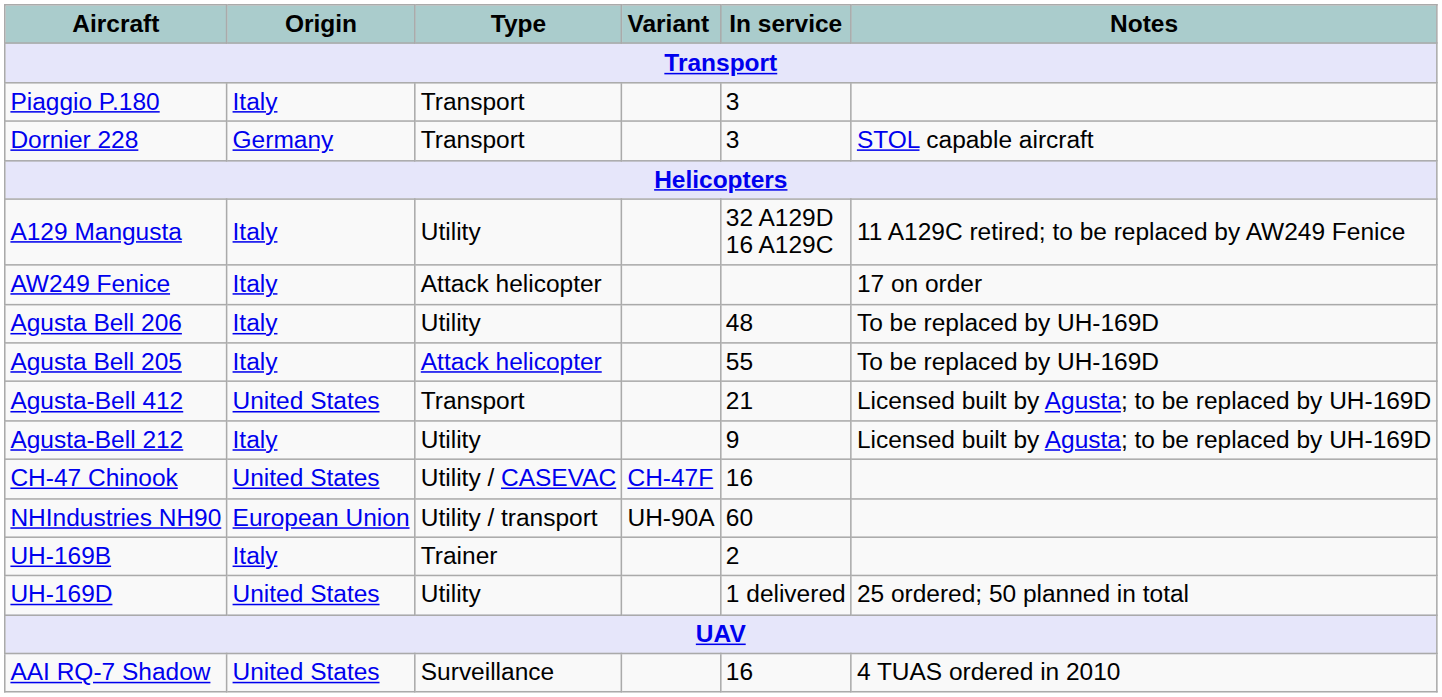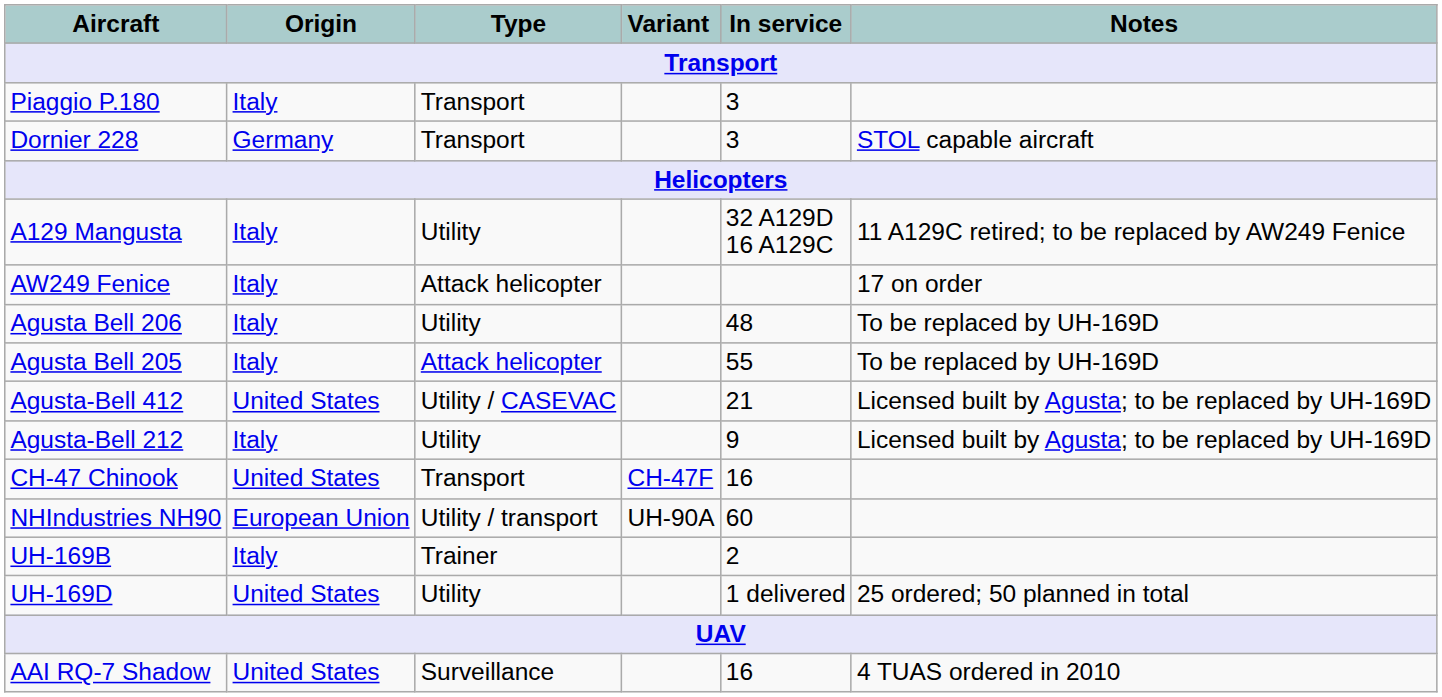 <table class="wikitable">
 <tr>
 <th style="text-align:center; background:#acc;">Aircraft</th>
 <th style="text-align: center; background:#acc;">Origin</th>
 <th style="text-align:l center; background:#acc;">Type</th>
 <th style="text-align:left; background:#acc;">Variant</th>
 <th style="text-align:center; background:#acc;">In service</th>
 <th style="text-align: center; background:#acc;">Notes</th>
 </tr>
 <tr>
 <th style="align: center; background: lavender;" colspan="6"><a href='#'>Transport</a></th>
 </tr>
 <tr>
 <td><a href='#'>Piaggio P.180</a></td>
 <td><a href='#'>Italy</a></td>
 <td>Transport</td>
 <td></td>
 <td>3</td>
 <td></td>
 </tr>
 <tr>
 <td><a href='#'>Dornier 228</a></td>
 <td><a href='#'>Germany</a></td>
 <td>Transport</td>
 <td></td>
 <td>3</td>
 <td><a href='#'>STOL</a> capable aircraft</td>
 </tr>
 <tr>
 <th style="align: center; background: lavender;" colspan="7"><a href='#'>Helicopters</a></th>
 </tr>
 <tr>
 <td><a href='#'>A129 Mangusta</a></td>
 <td><a href='#'>Italy</a></td>
 <td>Utility</td>
 <td></td>
 <td>32 A129D<br>16 A129C</td>
 <td>11 A129C retired; to be replaced by AW249 Fenice</td>
 </tr>
 <tr>
 <td><a href='#'>AW249 Fenice</a></td>
 <td><a href='#'>Italy</a></td>
 <td>Attack helicopter</td>
 <td></td>
 <td></td>
 <td>17 on order</td>
 </tr>
 <tr>
 <td><a href='#'>Agusta Bell 206</a></td>
 <td><a href='#'>Italy</a></td>
 <td>Utility</td>
 <td></td>
 <td>48</td>
 <td>To be replaced by UH-169D</td>
 </tr>
 <tr>
 <td><a href='#'>Agusta Bell 205</a></td>
 <td><a href='#'>Italy</a></td>
 <td><a href='#'>Attack helicopter</a></td>
 <td></td>
 <td>55</td>
 <td>To be replaced by UH-169D</td>
 </tr>
 <tr>
 <td><a href='#'>Agusta-Bell 412</a></td>
 <td><a href='#'>United States</a></td>
-<td>Transport</td>
+<td>Utility / <a href='#'>CASEVAC</a></td>
 <td></td>
 <td>21</td>
 <td>Licensed built by <a href='#'>Agusta</a>; to be replaced by UH-169D</td>
 </tr>
 <tr>
 <td><a href='#'>Agusta-Bell 212</a></td>
 <td><a href='#'>Italy</a></td>
 <td>Utility</td>
 <td></td>
 <td>9</td>
 <td>Licensed built by <a href='#'>Agusta</a>; to be replaced by UH-169D</td>
 </tr>
 <tr>
 <td><a href='#'>CH-47 Chinook</a></td>
 <td><a href='#'>United States</a></td>
-<td>Utility / <a href='#'>CASEVAC</a></td>
+<td>Transport</td>
 <td><a href='#'>CH-47F</a></td>
 <td>16</td>
 <td></td>
 </tr>
 <tr>
 <td><a href='#'>NHIndustries NH90</a></td>
 <td><a href='#'>European Union</a></td>
 <td>Utility / transport</td>
 <td>UH-90A</td>
 <td>60</td>
 <td></td>
 </tr>
 <tr>
 <td><a href='#'>UH-169B</a></td>
 <td><a href='#'>Italy</a></td>
 <td>Trainer</td>
 <td></td>
 <td>2</td>
 <td></td>
 </tr>
 <tr>
 <td><a href='#'>UH-169D</a></td>
 <td><a href='#'>United States</a></td>
 <td>Utility</td>
 <td></td>
 <td>1 delivered</td>
 <td>25  ordered; 50 planned in total</td>
 </tr>
 <tr>
 <th style="align: center; background: lavender;" colspan="6"><a href='#'>UAV</a></th>
 </tr>
 <tr>
 <td><a href='#'>AAI RQ-7 Shadow</a></td>
 <td><a href='#'>United States</a></td>
 <td>Surveillance</td>
 <td></td>
 <td>16</td>
 <td>4 TUAS ordered in 2010</td>
 </tr>
 </table>
